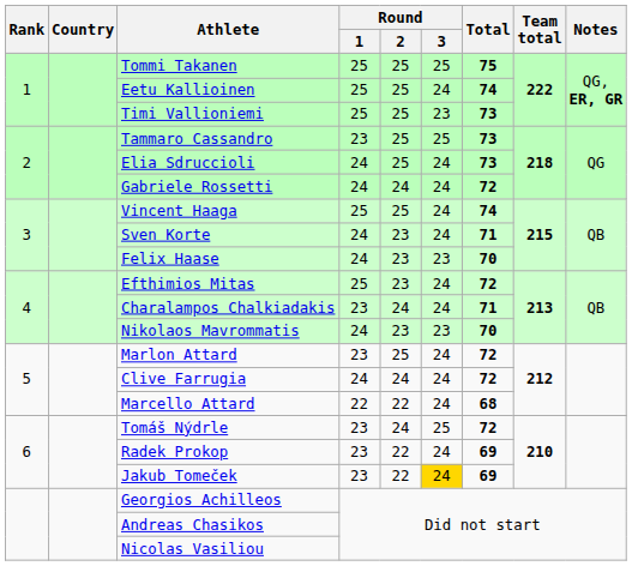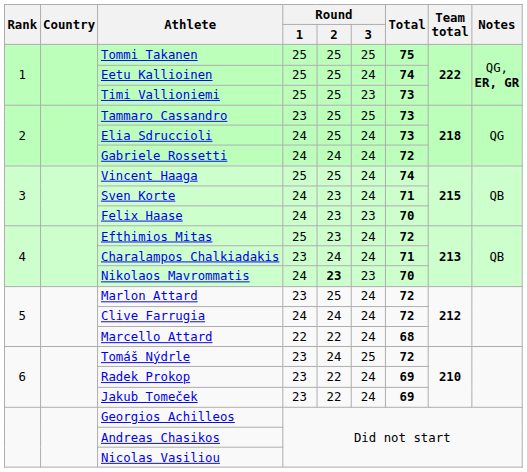 <table class="wikitable sortable" style="text-align:center">
 <tr>
 <th rowspan=2>Rank</th>
 <th rowspan=2>Country</th>
 <th rowspan=2>Athlete</th>
 <th colspan=3>Round</th>
 <th rowspan=2>Total</th>
 <th rowspan=2>Team<br>total</th>
 <th rowspan=2 class="unsortable">Notes</th>
 </tr>
 <tr>
 <th width=30px>1</th>
 <th width=30px>2</th>
 <th width=30px>3</th>
 </tr>
 <tr bgcolor=bbffbb>
 <td rowspan=3>1</td>
 <td rowspan=3 align=left></td>
 <td align=left><a href='#'>Tommi Takanen</a></td>
 <td>25</td>
 <td>25</td>
 <td>25</td>
 <td><strong>75</strong></td>
 <td rowspan=3><strong>222</strong></td>
 <td rowspan=3>QG,<br><strong>ER, GR</strong></td>
 </tr>
 <tr bgcolor=bbffbb>
 <td align=left><a href='#'>Eetu Kallioinen</a></td>
 <td>25</td>
 <td>25</td>
 <td>24</td>
 <td><strong>74</strong></td>
 </tr>
 <tr bgcolor=bbffbb>
 <td align=left><a href='#'>Timi Vallioniemi</a></td>
 <td>25</td>
 <td>25</td>
 <td>23</td>
 <td><strong>73</strong></td>
 </tr>
 <tr bgcolor=bbffbb>
 <td rowspan=3>2</td>
 <td rowspan=3 align=left></td>
 <td align=left><a href='#'>Tammaro Cassandro</a></td>
 <td>23</td>
 <td>25</td>
 <td>25</td>
 <td><strong>73</strong></td>
 <td rowspan=3><strong>218</strong></td>
 <td rowspan=3>QG</td>
 </tr>
 <tr bgcolor=bbffbb>
 <td align=left><a href='#'>Elia Sdruccioli</a></td>
 <td>24</td>
 <td>25</td>
 <td>24</td>
 <td><strong>73</strong></td>
 </tr>
 <tr bgcolor=bbffbb>
 <td align=left><a href='#'>Gabriele Rossetti</a></td>
 <td>24</td>
 <td>24</td>
 <td>24</td>
 <td><strong>72</strong></td>
 </tr>
 <tr bgcolor=ccffcc>
 <td rowspan=3>3</td>
 <td rowspan=3 align=left></td>
 <td align=left><a href='#'>Vincent Haaga</a></td>
 <td>25</td>
 <td>25</td>
 <td>24</td>
 <td><strong>74</strong></td>
 <td rowspan=3><strong>215</strong></td>
 <td rowspan=3>QB</td>
 </tr>
 <tr bgcolor=ccffcc>
 <td align=left><a href='#'>Sven Korte</a></td>
 <td>24</td>
 <td>23</td>
 <td>24</td>
 <td><strong>71</strong></td>
 </tr>
 <tr bgcolor=ccffcc>
 <td align=left><a href='#'>Felix Haase</a></td>
 <td>24</td>
 <td>23</td>
 <td>23</td>
 <td><strong>70</strong></td>
 </tr>
 <tr bgcolor=ccffcc>
 <td rowspan=3>4</td>
 <td rowspan=3 align=left></td>
 <td align=left><a href='#'>Efthimios Mitas</a></td>
 <td>25</td>
 <td>23</td>
 <td>24</td>
 <td><strong>72</strong></td>
 <td rowspan=3><strong>213</strong></td>
 <td rowspan=3>QB</td>
 </tr>
 <tr bgcolor=ccffcc>
 <td align=left><a href='#'>Charalampos Chalkiadakis</a></td>
 <td>23</td>
 <td>24</td>
 <td>24</td>
 <td><strong>71</strong></td>
 </tr>
 <tr bgcolor=ccffcc>
 <td align=left><a href='#'>Nikolaos Mavrommatis</a></td>
 <td>24</td>
-<td>23</td>
+<td><strong>23</strong></td>
 <td>23</td>
 <td><strong>70</strong></td>
 </tr>
 <tr>
 <td rowspan=3>5</td>
 <td rowspan=3 align=left></td>
 <td align=left><a href='#'>Marlon Attard</a></td>
 <td>23</td>
 <td>25</td>
 <td>24</td>
 <td><strong>72</strong></td>
 <td rowspan=3><strong>212</strong></td>
 <td rowspan=3></td>
 </tr>
 <tr>
 <td align=left><a href='#'>Clive Farrugia</a></td>
 <td>24</td>
 <td>24</td>
 <td>24</td>
 <td><strong>72</strong></td>
 </tr>
 <tr>
 <td align=left><a href='#'>Marcello Attard</a></td>
 <td>22</td>
 <td>22</td>
 <td>24</td>
 <td><strong>68</strong></td>
 </tr>
 <tr>
 <td rowspan=3>6</td>
 <td rowspan=3 align=left></td>
 <td align=left><a href='#'>Tomáš Nýdrle</a></td>
 <td>23</td>
 <td>24</td>
 <td>25</td>
 <td><strong>72</strong></td>
 <td rowspan=3><strong>210</strong></td>
 <td rowspan=3></td>
 </tr>
 <tr>
 <td align=left><a href='#'>Radek Prokop</a></td>
 <td>23</td>
 <td>22</td>
 <td>24</td>
 <td><strong>69</strong></td>
 </tr>
 <tr>
 <td align=left><a href='#'>Jakub Tomeček</a></td>
 <td>23</td>
 <td>22</td>
-<td style="background: gold;">24</td>
+<td>24</td>
 <td><strong>69</strong></td>
 </tr>
 <tr>
 <td rowspan=3></td>
 <td rowspan=3 align=left></td>
 <td align=left><a href='#'>Georgios Achilleos</a></td>
 <td colspan=6 rowspan=3>Did not start</td>
 </tr>
 <tr>
 <td align=left><a href='#'>Andreas Chasikos</a></td>
 </tr>
 <tr>
 <td align=left><a href='#'>Nicolas Vasiliou</a></td>
 </tr>
 </table>
